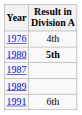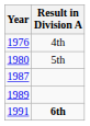 <table class="wikitable" style="text-align:center">
 <tr>
 <th>Year</th>
 <th>Result in<br>Division A</th>
 </tr>
 <tr>
 <td><a href='#'>1976</a></td>
 <td>4th</td>
 </tr>
 <tr>
 <td><a href='#'>1980</a></td>
-<td><strong>5th</strong></td>
+<td>5th</td>
 </tr>
 <tr>
 <td><a href='#'>1987</a></td>
 <td></td>
 </tr>
 <tr>
 <td><a href='#'>1989</a></td>
 <td></td>
 </tr>
 <tr>
 <td><a href='#'>1991</a></td>
-<td>6th</td>
+<td><strong>6th</strong></td>
 </tr>
 </table>
